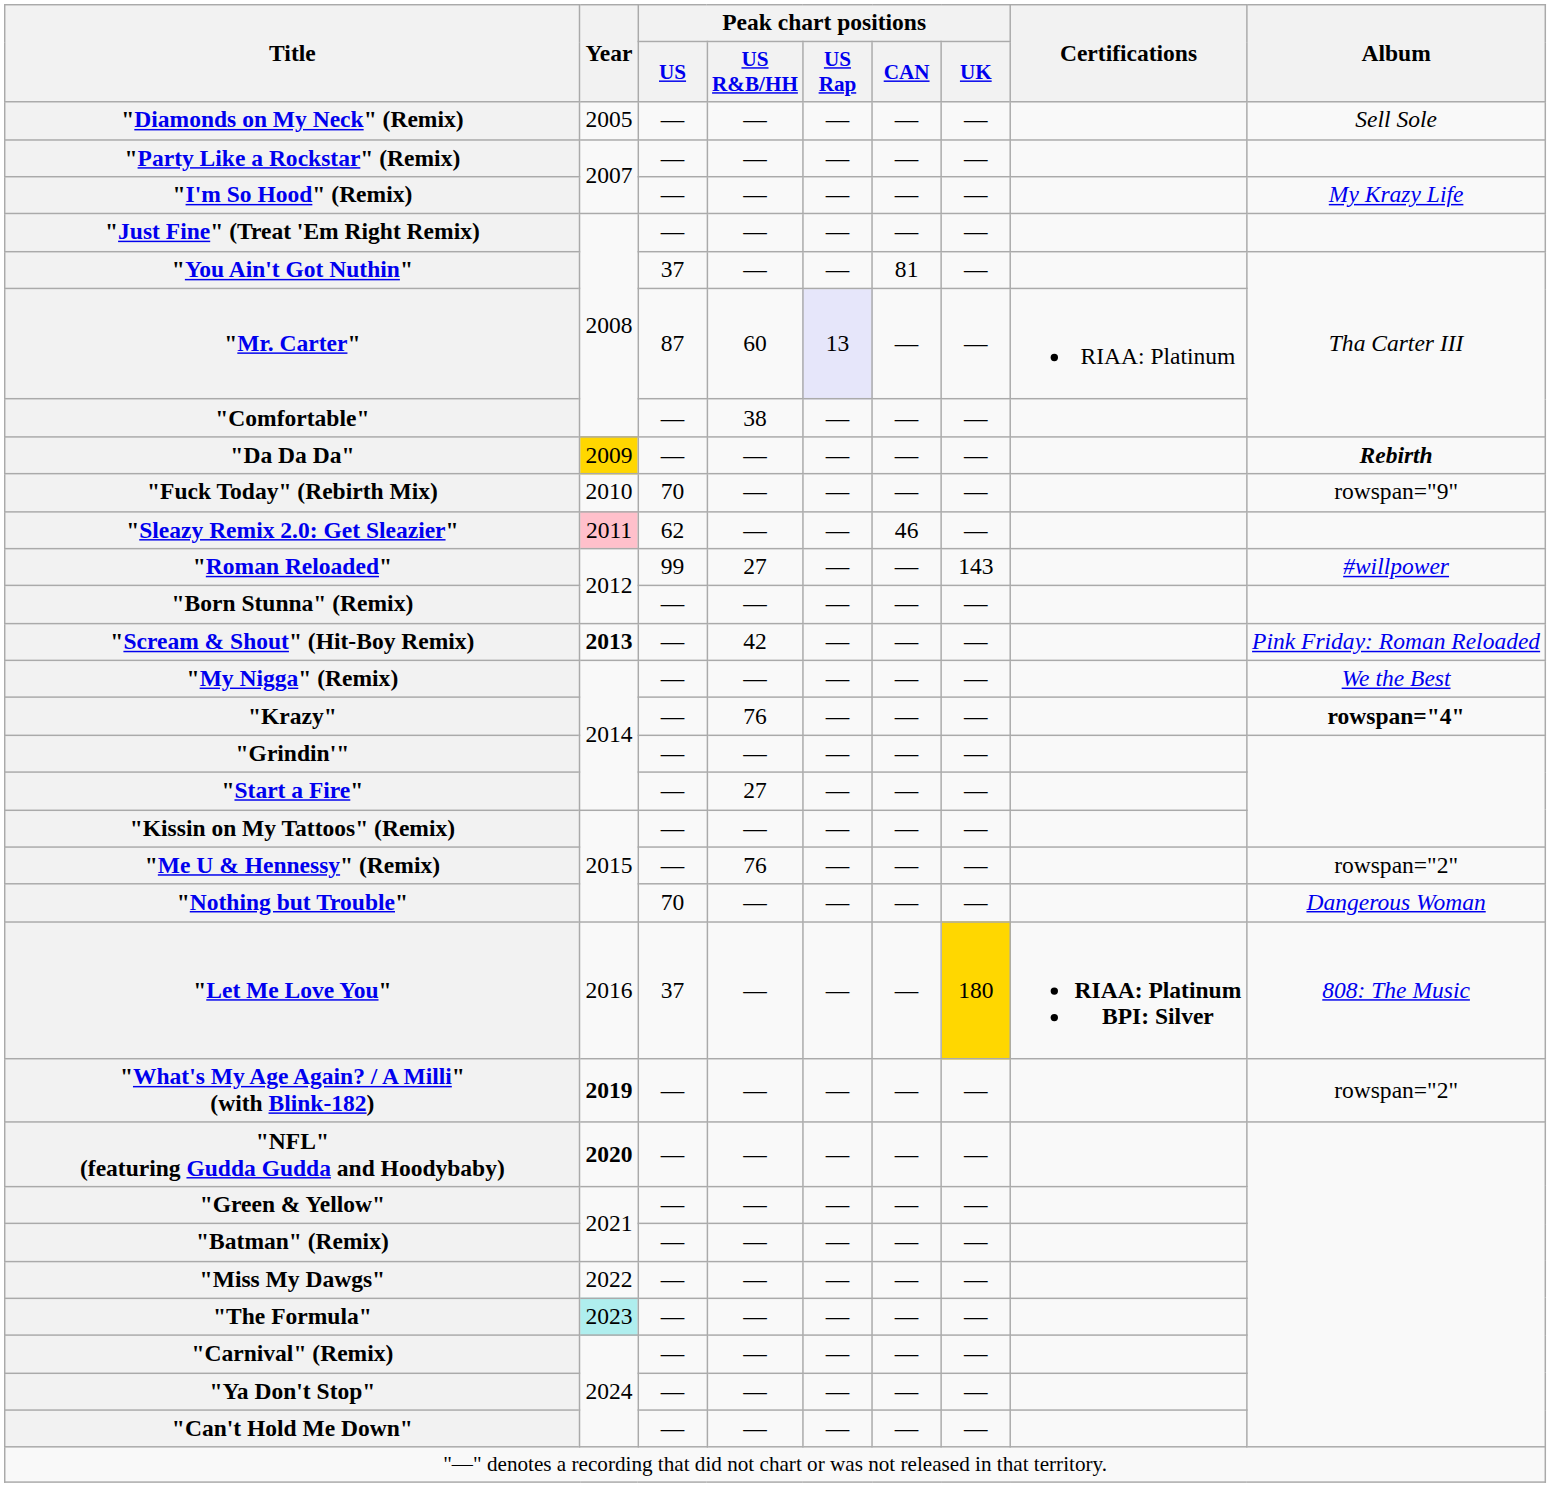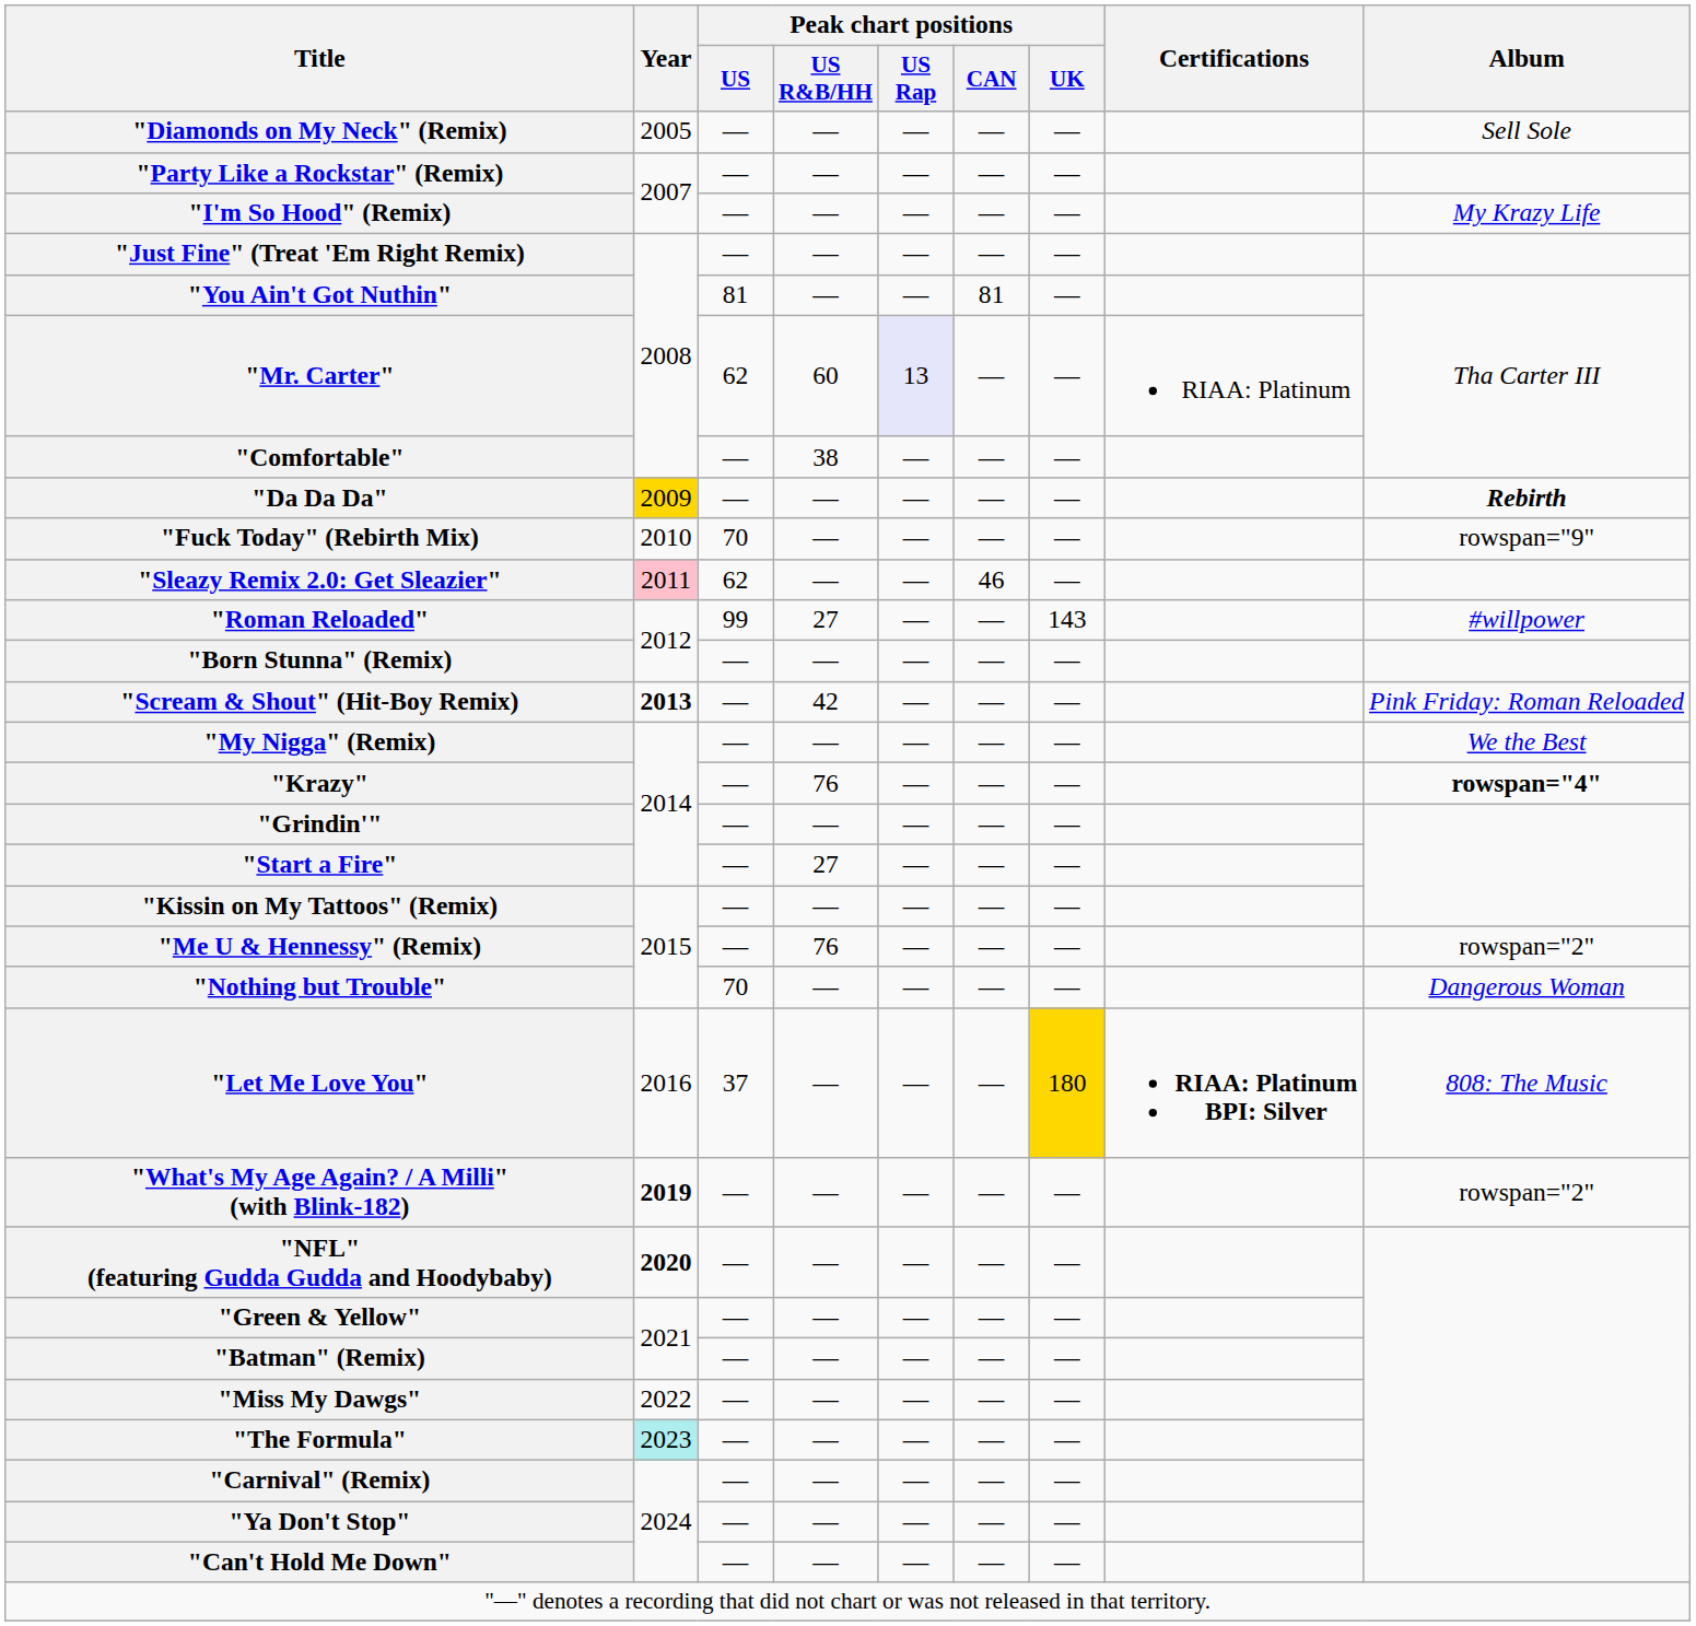 <table class="wikitable plainrowheaders" style="text-align:center;">
 <tr>
 <th scope="col" rowspan="2" style="width:24em;">Title</th>
 <th scope="col" rowspan="2" style="width:1em;">Year</th>
 <th scope="col" colspan="5">Peak chart positions</th>
 <th rowspan="2">Certifications</th>
 <th scope="col" rowspan="2">Album</th>
 </tr>
 <tr>
 <th scope="col" style="width:2.8em;font-size:90%;"><a href='#'>US</a><br></th>
 <th scope="col" style="width:2.8em;font-size:90%;"><a href='#'>US<br>R&B/HH</a><br></th>
 <th scope="col" style="width:2.8em;font-size:90%;"><a href='#'>US<br>Rap</a><br></th>
 <th scope="col" style="width:2.8em;font-size:90%;"><a href='#'>CAN</a><br></th>
 <th scope="col" style="width:2.8em;font-size:90%;"><a href='#'>UK</a><br></th>
 </tr>
 <tr>
 <th scope="row">"<a href='#'>Diamonds on My Neck</a>" (Remix)<br></th>
 <td>2005</td>
 <td>—</td>
 <td>—</td>
 <td>—</td>
 <td>—</td>
 <td>—</td>
 <td></td>
 <td><em>Sell Sole</em></td>
 </tr>
 <tr>
 <th scope="row">"<a href='#'>Party Like a Rockstar</a>" (Remix)<br></th>
 <td rowspan="2">2007</td>
 <td>—</td>
 <td>—</td>
 <td>—</td>
 <td>—</td>
 <td>—</td>
 <td></td>
 </tr>
 <tr>
 <th scope="row">"<a href='#'>I'm So Hood</a>" (Remix)<br></th>
 <td>—</td>
 <td>—</td>
 <td>—</td>
 <td>—</td>
 <td>—</td>
 <td></td>
 <td><em><a href='#'>My Krazy Life</a></em></td>
 </tr>
 <tr>
 <th scope="row">"<a href='#'>Just Fine</a>" (Treat 'Em Right Remix)<br></th>
 <td rowspan="4">2008</td>
 <td>—</td>
 <td>—</td>
 <td>—</td>
 <td>—</td>
 <td>—</td>
 <td></td>
 <td></td>
 </tr>
 <tr>
 <th scope="row">"<a href='#'>You Ain't Got Nuthin</a>"<br></th>
-<td>37</td>
+<td>81</td>
 <td>—</td>
 <td>—</td>
 <td>81</td>
 <td>—</td>
 <td></td>
 <td rowspan="3"><em>Tha Carter III</em></td>
 </tr>
 <tr>
 <th scope="row">"<a href='#'>Mr. Carter</a>"<br></th>
-<td>87</td>
+<td>62</td>
 <td>60</td>
 <td style="background: lavender;">13</td>
 <td>—</td>
 <td>—</td>
 <td><br><ul><li>RIAA: Platinum</li></ul></td>
 </tr>
 <tr>
 <th scope="row">"Comfortable"<br></th>
 <td>—</td>
 <td>38</td>
 <td>—</td>
 <td>—</td>
 <td>—</td>
 <td></td>
 </tr>
 <tr>
 <th scope="row">"Da Da Da"</th>
 <td style="background: gold;">2009</td>
 <td>—</td>
 <td>—</td>
 <td>—</td>
 <td>—</td>
 <td>—</td>
 <td></td>
 <td><strong><em>Rebirth</em></strong></td>
 </tr>
 <tr>
 <th scope="row">"Fuck Today" (Rebirth Mix)<br></th>
 <td>2010</td>
 <td>70</td>
 <td>—</td>
 <td>—</td>
 <td>—</td>
 <td>—</td>
 <td></td>
 <td>rowspan="9" </td>
 </tr>
 <tr>
 <th scope="row">"<a href='#'>Sleazy Remix 2.0: Get Sleazier</a>"<br></th>
 <td style="background: pink;">2011</td>
 <td>62</td>
 <td>—</td>
 <td>—</td>
 <td>46</td>
 <td>—</td>
 <td></td>
 </tr>
 <tr>
 <th scope="row">"<a href='#'>Roman Reloaded</a>"<br></th>
 <td rowspan="2">2012</td>
 <td>99</td>
 <td>27</td>
 <td>—</td>
 <td>—</td>
 <td>143</td>
 <td></td>
 <td><em><a href='#'>#willpower</a></em></td>
 </tr>
 <tr>
 <th scope="row">"Born Stunna" (Remix)<br></th>
 <td>—</td>
 <td>—</td>
 <td>—</td>
 <td>—</td>
 <td>—</td>
 <td></td>
 <td></td>
 </tr>
 <tr>
 <th scope="row">"<a href='#'>Scream & Shout</a>" (Hit-Boy Remix)<br></th>
 <td><strong>2013</strong></td>
 <td>—</td>
 <td>42</td>
 <td>—</td>
 <td>—</td>
 <td>—</td>
 <td></td>
 <td><em><a href='#'>Pink Friday: Roman Reloaded</a></em></td>
 </tr>
 <tr>
 <th scope="row">"<a href='#'>My Nigga</a>" (Remix)<br></th>
 <td rowspan="4">2014</td>
 <td>—</td>
 <td>—</td>
 <td>—</td>
 <td>—</td>
 <td>—</td>
 <td></td>
 <td><em><a href='#'>We the Best</a></em></td>
 </tr>
 <tr>
 <th scope="row">"Krazy"</th>
 <td>—</td>
 <td>76</td>
 <td>—</td>
 <td>—</td>
 <td>—</td>
 <td></td>
 <td><strong>rowspan="4" </strong></td>
 </tr>
 <tr>
 <th scope="row">"Grindin'"<br></th>
 <td>—</td>
 <td>—</td>
 <td>—</td>
 <td>—</td>
 <td>—</td>
 <td></td>
 </tr>
 <tr>
 <th scope="row">"<a href='#'>Start a Fire</a>"<br></th>
 <td>—</td>
 <td>27</td>
 <td>—</td>
 <td>—</td>
 <td>—</td>
 <td></td>
 </tr>
 <tr>
 <th scope="row">"Kissin on My Tattoos" (Remix)<br></th>
 <td rowspan="3">2015</td>
 <td>—</td>
 <td>—</td>
 <td>—</td>
 <td>—</td>
 <td>—</td>
 <td></td>
 </tr>
 <tr>
 <th scope="row">"<a href='#'>Me U & Hennessy</a>" (Remix)<br></th>
 <td>—</td>
 <td>76</td>
 <td>—</td>
 <td>—</td>
 <td>—</td>
 <td></td>
 <td>rowspan="2" </td>
 </tr>
 <tr>
 <th scope="row">"<a href='#'>Nothing but Trouble</a>"<br></th>
 <td>70</td>
 <td>—</td>
 <td>—</td>
 <td>—</td>
 <td>—</td>
 <td></td>
 <td><em><a href='#'>Dangerous Woman</a></em></td>
 </tr>
 <tr>
 <th scope="row">"<a href='#'>Let Me Love You</a>"<br></th>
 <td>2016</td>
 <td>37</td>
 <td>—</td>
 <td>—</td>
 <td>—</td>
 <td style="background: gold;">180</td>
 <td><strong><br><ul><li>RIAA: Platinum</li><li>BPI: Silver</li></ul></strong></td>
 <td><em><a href='#'>808: The Music</a></em></td>
 </tr>
 <tr>
 <th scope="row">"<a href='#'>What's My Age Again? / A Milli</a>"<br><span>(with <a href='#'>Blink-182</a>)</span></th>
 <td><strong>2019</strong></td>
 <td>—</td>
 <td>—</td>
 <td>—</td>
 <td>—</td>
 <td>—</td>
 <td></td>
 <td>rowspan="2" </td>
 </tr>
 <tr>
 <th scope="row">"NFL"<br><span>(featuring <a href='#'>Gudda Gudda</a> and Hoodybaby)</span></th>
 <td><strong>2020</strong></td>
 <td>—</td>
 <td>—</td>
 <td>—</td>
 <td>—</td>
 <td>—</td>
 <td></td>
 </tr>
 <tr>
 <th scope="row">"Green & Yellow"</th>
 <td rowspan="2">2021</td>
 <td>—</td>
 <td>—</td>
 <td>—</td>
 <td>—</td>
 <td>—</td>
 <td></td>
 </tr>
 <tr>
 <th scope="row">"Batman" (Remix)<br></th>
 <td>—</td>
 <td>—</td>
 <td>—</td>
 <td>—</td>
 <td>—</td>
 <td></td>
 </tr>
 <tr>
 <th scope="row">"Miss My Dawgs"<br></th>
 <td>2022</td>
 <td>—</td>
 <td>—</td>
 <td>—</td>
 <td>—</td>
 <td>—</td>
 <td></td>
 </tr>
 <tr>
 <th scope="row">"The Formula"<br></th>
 <td style="background: paleturquoise;">2023</td>
 <td>—</td>
 <td>—</td>
 <td>—</td>
 <td>—</td>
 <td>—</td>
 <td></td>
 </tr>
 <tr>
 <th scope="row">"Carnival" (Remix)<br></th>
 <td rowspan="3">2024</td>
 <td>—</td>
 <td>—</td>
 <td>—</td>
 <td>—</td>
 <td>—</td>
 <td></td>
 </tr>
 <tr>
 <th scope="row">"Ya Don't Stop"<br></th>
 <td>—</td>
 <td>—</td>
 <td>—</td>
 <td>—</td>
 <td>—</td>
 <td></td>
 </tr>
 <tr>
 <th scope="row">"Can't Hold Me Down"<br></th>
 <td>—</td>
 <td>—</td>
 <td>—</td>
 <td>—</td>
 <td>—</td>
 <td></td>
 </tr>
 <tr>
 <td colspan="14" style="font-size:90%">"—" denotes a recording that did not chart or was not released in that territory.</td>
 </tr>
 </table>
